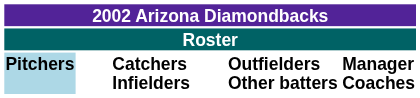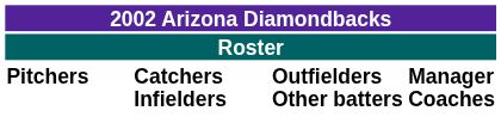 <table class="toccolours" style="font-size: 95%;">
 <tr>
 <th colspan="10" style="background-color: #522398; color: #FFFFFF; text-align: center;">2002 Arizona Diamondbacks</th>
 </tr>
 <tr>
 <td colspan="10" style="background-color: #006265; color: #FFFFFF; text-align: center;"><strong>Roster</strong></td>
 </tr>
 <tr>
-<td valign="top" style="background: lightblue;"><strong>Pitchers</strong><br>                  </td>
+<td valign="top"><strong>Pitchers</strong><br>                  </td>
 <td width="25px"></td>
 <td valign="top"><strong>Catchers</strong><br>   <strong>Infielders</strong>           </td>
 <td width="25px"></td>
 <td valign="top"><strong>Outfielders</strong><br>        <strong>Other batters</strong> </td>
 <td valign="top"><strong>Manager</strong><br> <strong>Coaches</strong>      </td>
 </tr>
 <tr>
 </tr>
 </table>
